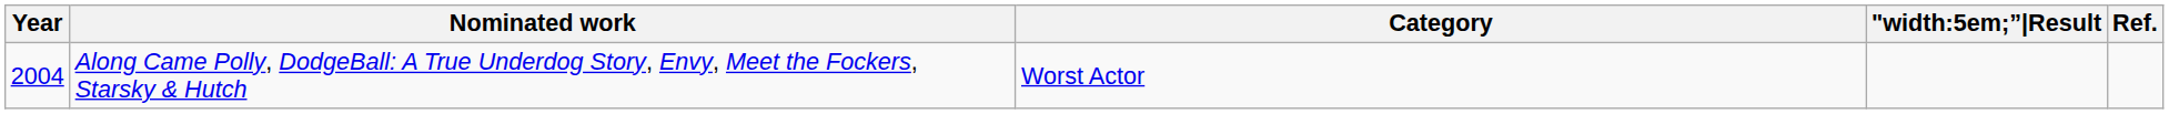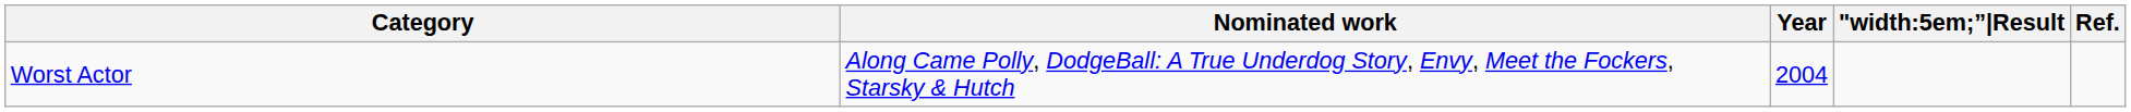 <table class=wikitable>
 <tr>
+<th scope="col" style="width:35em;">Category</th>
+<th scope="col" style="width:39em;">Nominated work</th>
 <th scope="col" style="width:1em;">Year</th>
-<th scope="col" style="width:39em;">Nominated work</th>
-<th scope="col" style="width:35em;">Category</th>
 <th scope="col" style="width:5em;">"width:5em;”|Result</th>
 <th scope="col" style="width:1em;">Ref.</th>
 </tr>
 <tr>
+<td><a href='#'>Worst Actor</a></td>
+<td><em><a href='#'>Along Came Polly</a></em>, <em><a href='#'>DodgeBall: A True Underdog Story</a></em>, <em><a href='#'>Envy</a></em>, <em><a href='#'>Meet the Fockers</a></em>,<br><em><a href='#'>Starsky & Hutch</a></em></td>
 <td><a href='#'>2004</a></td>
-<td><em><a href='#'>Along Came Polly</a></em>, <em><a href='#'>DodgeBall: A True Underdog Story</a></em>, <em><a href='#'>Envy</a></em>, <em><a href='#'>Meet the Fockers</a></em>,<br><em><a href='#'>Starsky & Hutch</a></em></td>
-<td><a href='#'>Worst Actor</a></td>
 <td></td>
 <td></td>
 </tr>
 </table>
